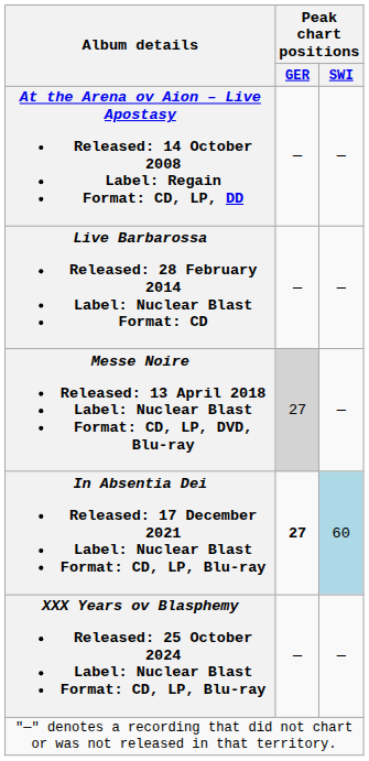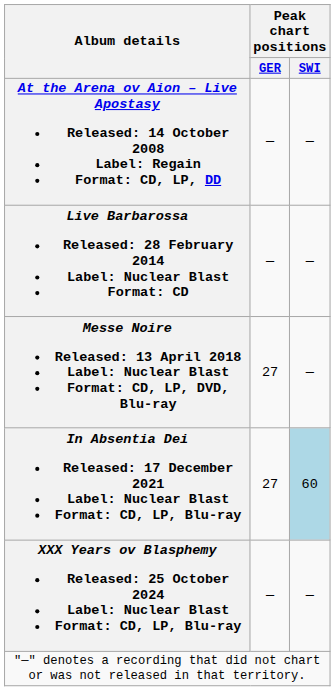 <table class="wikitable plainrowheaders" style="text-align:center;">
 <tr>
 <th rowspan="2" width="230">Album details</th>
 <th colspan="2">Peak chart positions</th>
 </tr>
 <tr>
 <th scope="col" style="width:2.5em;font-size:90%;"><a href='#'>GER</a><br></th>
 <th scope="col" style="width:2.5em;font-size:90%;"><a href='#'>SWI</a><br></th>
 </tr>
 <tr>
 <th scope="row"><em><a href='#'>At the Arena ov Aion – Live Apostasy</a></em><br><ul><li>Released: 14 October 2008</li><li>Label: Regain</li><li>Format: CD, LP, <a href='#'>DD</a></li></ul></th>
 <td>—</td>
 <td>—</td>
 </tr>
 <tr>
 <th scope="row"><em>Live Barbarossa</em><br><ul><li>Released: 28 February 2014</li><li>Label: Nuclear Blast</li><li>Format: CD</li></ul></th>
 <td>—</td>
 <td>—</td>
 </tr>
 <tr>
 <th scope="row"><em>Messe Noire</em><br><ul><li>Released:  13 April 2018</li><li>Label: Nuclear Blast</li><li>Format: CD, LP, DVD, Blu-ray</li></ul></th>
-<td style="background: lightgrey;">27</td>
+<td>27</td>
 <td>—</td>
 </tr>
 <tr>
 <th scope="row"><em>In Absentia Dei</em><br><ul><li>Released: 17 December 2021</li><li>Label: Nuclear Blast</li><li>Format: CD, LP, Blu-ray</li></ul></th>
-<td><strong>27</strong></td>
+<td>27</td>
 <td style="background: lightblue;">60</td>
 </tr>
 <tr>
 <th scope="row"><em>XXX Years ov Blasphemy</em><br><ul><li>Released: 25 October 2024</li><li>Label: Nuclear Blast</li><li>Format: CD, LP, Blu-ray</li></ul></th>
 <td>—</td>
 <td>—</td>
 </tr>
 <tr>
 <td colspan="14" style="font-size:90%">"—" denotes a recording that did not chart or was not released in that territory.</td>
 </tr>
 </table>
